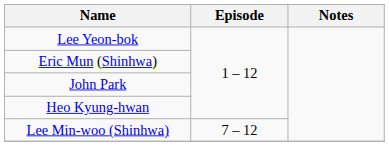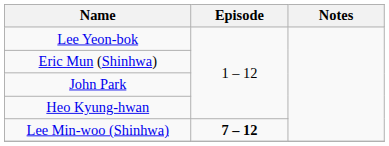 <table class=wikitable style=text-align:center>
 <tr>
 <th style=width:200px>Name</th>
 <th style=width:100px>Episode</th>
 <th style=width:100px>Notes</th>
 </tr>
 <tr>
 <td><a href='#'>Lee Yeon-bok</a></td>
 <td rowspan=4>1 – 12</td>
 <td rowspan=5></td>
 </tr>
 <tr>
 <td><a href='#'>Eric Mun</a> (<a href='#'>Shinhwa</a>)</td>
 </tr>
 <tr>
 <td><a href='#'>John Park</a></td>
 </tr>
 <tr>
 <td><a href='#'>Heo Kyung-hwan</a></td>
 </tr>
 <tr>
 <td><a href='#'>Lee Min-woo (Shinhwa)</a></td>
-<td>7 – 12</td>
+<td><strong>7 – 12</strong></td>
 </tr>
 <tr>
 </tr>
 </table>
